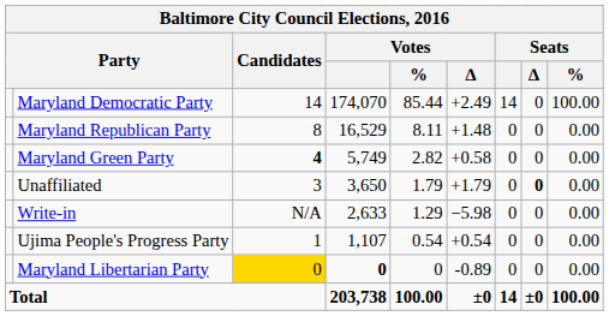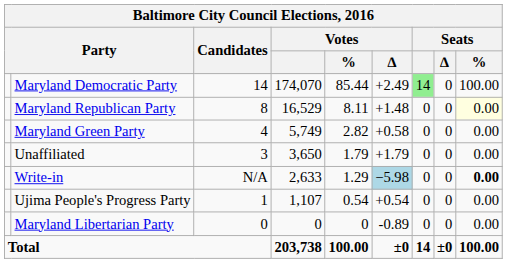 <table class="wikitable">
 <tr>
 <th colspan=10>Baltimore City Council Elections, 2016</th>
 </tr>
 <tr>
 <th rowspan="2" colspan="2">Party</th>
 <th rowspan="2">Candidates</th>
 <th colspan="3">Votes</th>
 <th colspan="3">Seats</th>
 </tr>
 <tr>
 <th></th>
 <th>%</th>
 <th>∆</th>
 <th></th>
 <th>∆</th>
 <th>%</th>
 </tr>
 <tr>
 <td style="background-color:"></td>
 <td><a href='#'>Maryland Democratic Party</a></td>
 <td align="right">14</td>
 <td align="right">174,070</td>
 <td align="right">85.44</td>
 <td align="right">+2.49</td>
-<td align="right">14</td>
+<td align="right" style="background: lightgreen;">14</td>
 <td align="right">0</td>
 <td align="right">100.00</td>
 </tr>
 <tr>
 <td style="background-color:"></td>
 <td><a href='#'>Maryland Republican Party</a></td>
 <td align="right">8</td>
 <td align="right">16,529</td>
 <td align="right">8.11</td>
 <td align="right">+1.48</td>
 <td align="right">0</td>
 <td align="right">0</td>
-<td align="right">0.00</td>
+<td align="right" style="background: lightyellow;">0.00</td>
 </tr>
 <tr>
 <td style="background-color:"></td>
 <td><a href='#'>Maryland Green Party</a></td>
-<td align="right"><strong>4</strong></td>
+<td align="right">4</td>
 <td align="right">5,749</td>
 <td align="right">2.82</td>
 <td align="right">+0.58</td>
 <td align="right">0</td>
 <td align="right">0</td>
 <td align="right">0.00</td>
 </tr>
 <tr>
 <td style="background-color:"></td>
 <td>Unaffiliated</td>
 <td align="right">3</td>
 <td align="right">3,650</td>
 <td align="right">1.79</td>
 <td align="right">+1.79</td>
 <td align="right">0</td>
-<td align="right"><strong>0</strong></td>
+<td align="right">0</td>
 <td align="right">0.00</td>
 </tr>
 <tr>
 <td style="background-color:"></td>
 <td><a href='#'>Write-in</a></td>
 <td align="right">N/A</td>
 <td align="right">2,633</td>
 <td align="right">1.29</td>
-<td align="right">−5.98</td>
+<td align="right" style="background: lightblue;">−5.98</td>
 <td align="right">0</td>
 <td align="right">0</td>
-<td align="right">0.00</td>
+<td align="right"><strong>0.00</strong></td>
 </tr>
 <tr>
 <td style="background-color:"></td>
 <td>Ujima People's Progress Party</td>
 <td align="right">1</td>
 <td align="right">1,107</td>
 <td align="right">0.54</td>
 <td align="right">+0.54</td>
 <td align="right">0</td>
 <td align="right">0</td>
 <td align="right">0.00</td>
 </tr>
 <tr>
 <td style="background-color:"></td>
 <td><a href='#'>Maryland Libertarian Party</a></td>
-<td align="right" style="background: gold;">0</td>
-<td align="right"><strong>0</strong></td>
+<td align="right">0</td>
+<td align="right">0</td>
 <td align="right">0</td>
 <td align="right">-0.89</td>
 <td align="right">0</td>
 <td align="right">0</td>
 <td align="right">0.00</td>
 </tr>
 <tr>
 <td colspan="3" align="left"><strong>Total</strong></td>
 <td align="right"><strong>203,738</strong></td>
 <td align="right"><strong>100.00</strong></td>
 <td align="right"><strong>±0</strong></td>
 <td align="right"><strong>14</strong></td>
 <td align="right"><strong>±0</strong></td>
 <td align="right"><strong>100.00</strong></td>
 </tr>
 </table>
